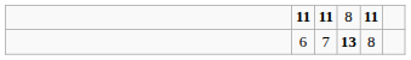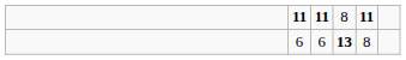 <table class="wikitable">
 <tr>
 <td style="width:18em"></td>
 <td align=center style="width:1em"><strong>11</strong></td>
 <td align=center style="width:1em"><strong>11</strong></td>
 <td align=center style="width:1em">8</td>
 <td align=center style="width:1em"><strong>11</strong></td>
 <td align=center style="width:1em"></td>
 </tr>
 <tr>
 <td style="width:18em"></td>
 <td align=center style="width:1em">6</td>
-<td align=center style="width:1em">7</td>
+<td align=center style="width:1em">6</td>
 <td align=center style="width:1em"><strong>13</strong></td>
 <td align=center style="width:1em">8</td>
 <td align=center style="width:1em"></td>
 </tr>
 </table>
